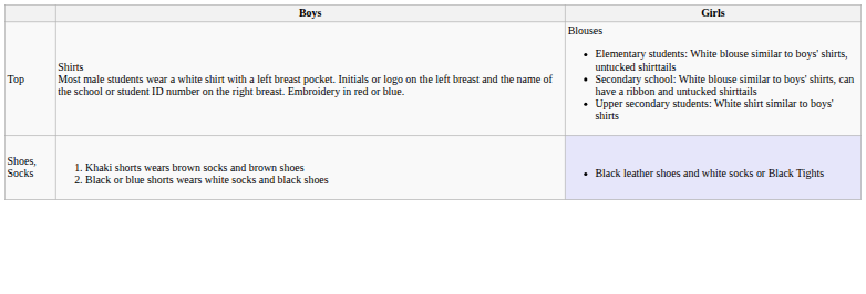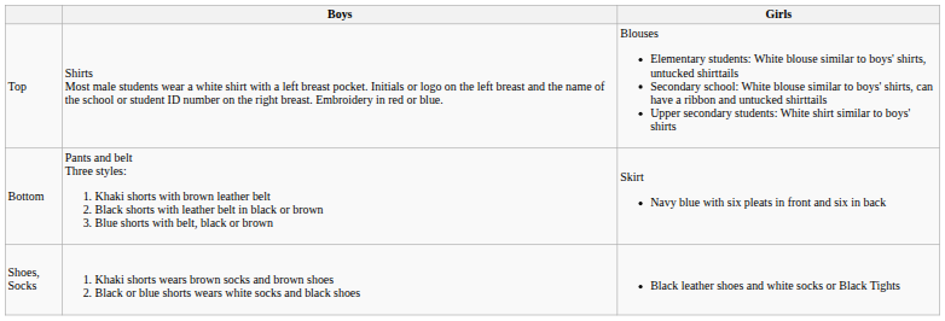 <table class="wikitable">
 <tr>
 <th></th>
 <th>Boys</th>
 <th>Girls</th>
 </tr>
 <tr>
 <td>Top</td>
 <td>Shirts<br>Most male students wear a white shirt with a left breast pocket. Initials or logo on the left breast and the name of the school or student ID number on the right breast. Embroidery in red or blue.</td>
 <td>Blouses<br><ul><li>Elementary students: White blouse similar to boys' shirts, untucked shirttails</li><li>Secondary school: White blouse similar to boys' shirts, can have a ribbon and untucked shirttails</li><li>Upper secondary students: White shirt similar to boys' shirts</li></ul></td>
 </tr>
 <tr>
+<td>Bottom</td>
+<td>Pants and belt<br>Three styles:<ol><li>Khaki shorts with brown leather belt</li><li>Black shorts with leather belt in black or brown</li><li>Blue shorts with belt, black or brown</li></ol></td>
+<td>Skirt<br><ul><li>Navy blue with six pleats in front and six in back</li></ul></td>
+</tr>
+<tr>
 <td>Shoes, Socks</td>
 <td><br><ol><li>Khaki shorts wears brown socks and brown shoes</li><li>Black or blue shorts wears white socks and black shoes</li></ol></td>
-<td style="background: lavender;"><br><ul><li>Black leather shoes and white socks or Black Tights</li></ul></td>
+<td><br><ul><li>Black leather shoes and white socks or Black Tights</li></ul></td>
 </tr>
 </table>
